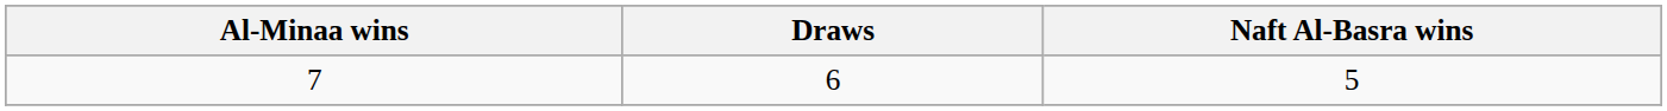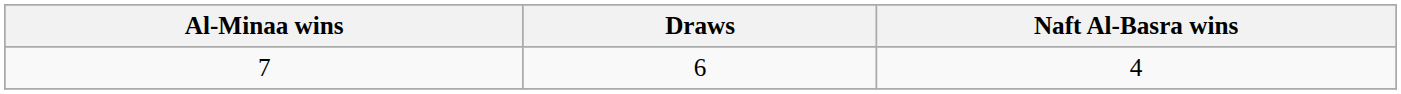 <table class="wikitable" style="font-size:90%" width=90%;>
 <tr>
 <th width=150>Al-Minaa wins</th>
 <th width=100>Draws</th>
 <th width=150>Naft Al-Basra wins</th>
 </tr>
 <tr>
 <td align="center">7</td>
 <td align="center">6</td>
-<td align="center">5</td>
+<td align="center">4</td>
 </tr>
 </table>
